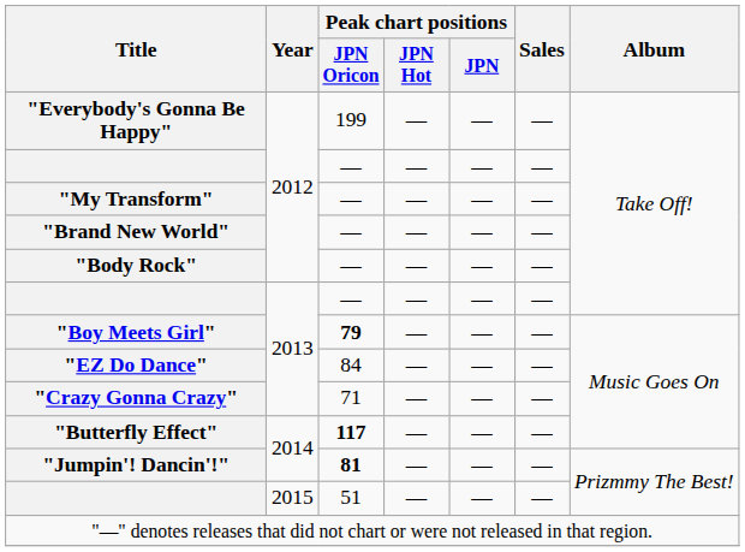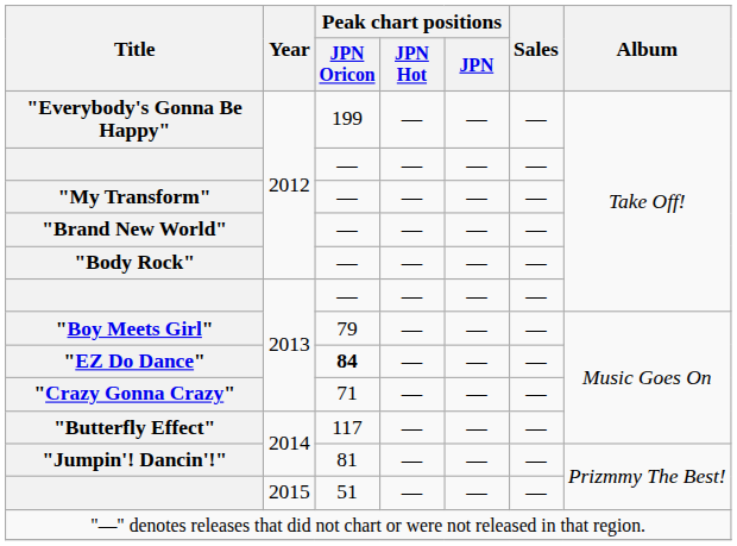 <table class="wikitable plainrowheaders" style="text-align:center;">
 <tr>
 <th scope="col" rowspan="2" style="width:12em;">Title</th>
 <th scope="col" rowspan="2">Year</th>
 <th scope="col" colspan="3">Peak chart positions</th>
 <th scope="col" rowspan="2">Sales</th>
 <th scope="col" rowspan="2">Album</th>
 </tr>
 <tr>
 <th scope="col" style="width:3em;font-size:90%;"><a href='#'>JPN<br>Oricon</a></th>
 <th scope="col" style="width:3em;font-size:90%;"><a href='#'>JPN<br>Hot</a></th>
 <th scope="col" style="width:3em;font-size:90%;"><a href='#'>JPN<br></a></th>
 </tr>
 <tr>
 <th scope="row">"Everybody's Gonna Be Happy"</th>
 <td rowspan="5">2012</td>
 <td>199</td>
 <td>—</td>
 <td>—</td>
 <td>—</td>
 <td rowspan="6"><em>Take Off!</em></td>
 </tr>
 <tr>
 <th scope="row"></th>
 <td>—</td>
 <td>—</td>
 <td>—</td>
 <td>—</td>
 </tr>
 <tr>
 <th scope="row">"My Transform"</th>
 <td>—</td>
 <td>—</td>
 <td>—</td>
 <td>—</td>
 </tr>
 <tr>
 <th scope="row">"Brand New World"</th>
 <td>—</td>
 <td>—</td>
 <td>—</td>
 <td>—</td>
 </tr>
 <tr>
 <th scope="row">"Body Rock"</th>
 <td>—</td>
 <td>—</td>
 <td>—</td>
 <td>—</td>
 </tr>
 <tr>
 <th scope="row"></th>
 <td rowspan="4">2013</td>
 <td>—</td>
 <td>—</td>
 <td>—</td>
 <td>—</td>
 </tr>
 <tr>
 <th scope="row">"<a href='#'>Boy Meets Girl</a>"</th>
-<td><strong>79</strong></td>
+<td>79</td>
 <td>—</td>
 <td>—</td>
 <td>—</td>
 <td rowspan="4"><em>Music Goes On</em></td>
 </tr>
 <tr>
 <th scope="row">"<a href='#'>EZ Do Dance</a>"</th>
-<td>84</td>
+<td><strong>84</strong></td>
 <td>—</td>
 <td>—</td>
 <td>—</td>
 </tr>
 <tr>
 <th scope="row">"<a href='#'>Crazy Gonna Crazy</a>"</th>
 <td>71</td>
 <td>—</td>
 <td>—</td>
 <td>—</td>
 </tr>
 <tr>
 <th scope="row">"Butterfly Effect"</th>
 <td rowspan="2">2014</td>
-<td><strong>117</strong></td>
+<td>117</td>
 <td>—</td>
 <td>—</td>
 <td>—</td>
 </tr>
 <tr>
 <th scope="row">"Jumpin'! Dancin'!"</th>
-<td><strong>81</strong></td>
+<td>81</td>
 <td>—</td>
 <td>—</td>
 <td>—</td>
 <td rowspan="2"><em>Prizmmy The Best!</em></td>
 </tr>
 <tr>
 <th scope="row"></th>
 <td>2015</td>
 <td>51</td>
 <td>—</td>
 <td>—</td>
 <td>—</td>
 </tr>
 <tr>
 <td colspan="7" style="font-size:90%;">"—" denotes releases that did not chart or were not released in that region.</td>
 </tr>
 <tr>
 </tr>
 </table>
